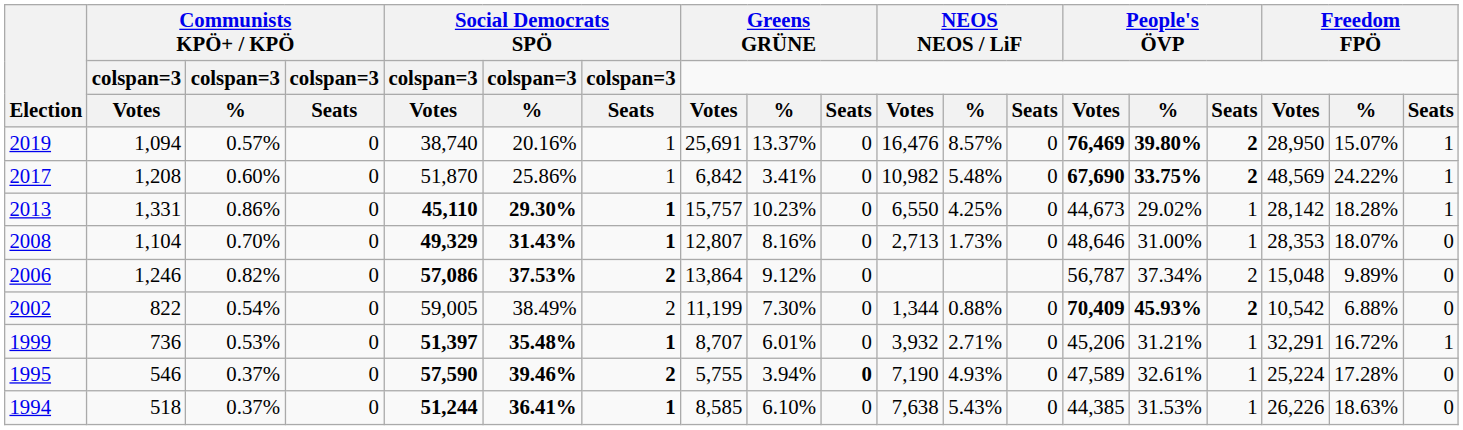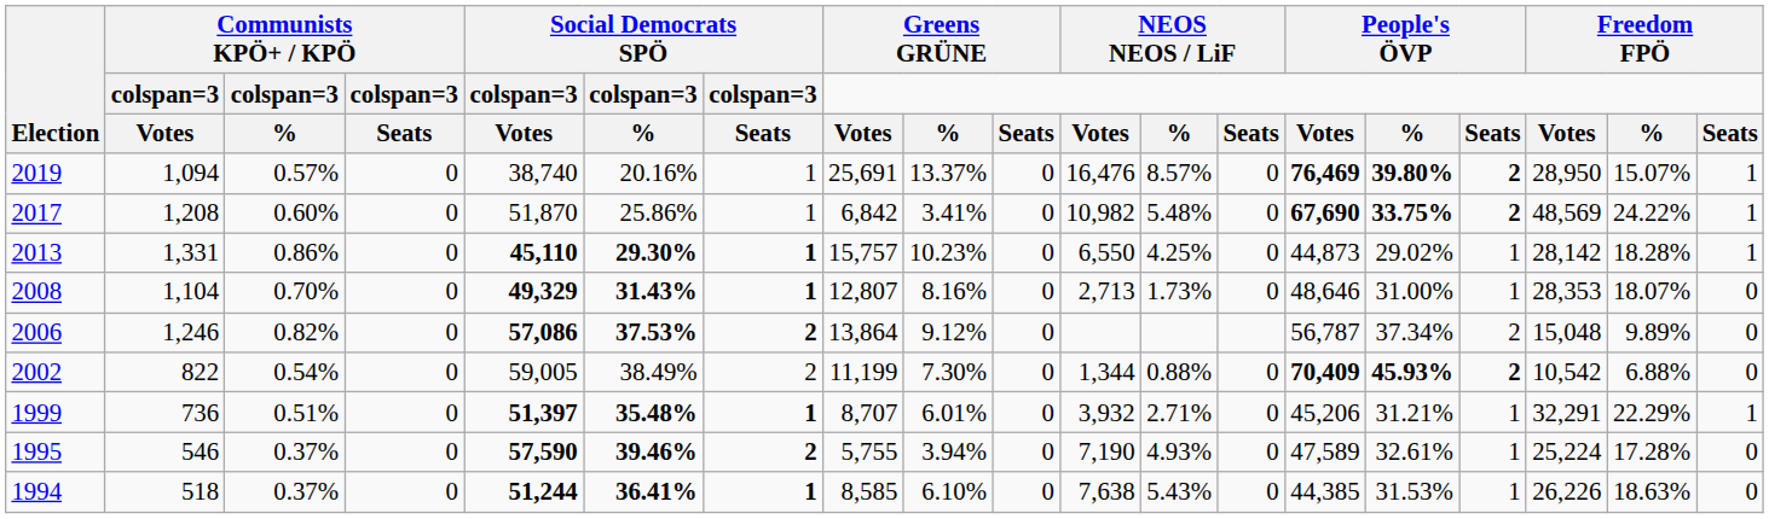 <table class="wikitable" border="1" style="font-size:100%; text-align:right;">
 <tr>
 <th style="text-align:left;" valign=bottom rowspan=3>Election</th>
 <th valign=bottom colspan=3><a href='#'>Communists</a><br>KPÖ+ / KPÖ</th>
 <th valign=bottom colspan=3><a href='#'>Social Democrats</a><br>SPÖ</th>
 <th valign=bottom colspan=3><a href='#'>Greens</a><br>GRÜNE</th>
 <th valign=bottom colspan=3><a href='#'>NEOS</a><br>NEOS / LiF</th>
 <th valign=bottom colspan=3><a href='#'>People's</a><br>ÖVP</th>
 <th valign=bottom colspan=3><a href='#'>Freedom</a><br>FPÖ</th>
 </tr>
 <tr>
 <th>colspan=3 </th>
 <th>colspan=3 </th>
 <th>colspan=3 </th>
 <th>colspan=3 </th>
 <th>colspan=3 </th>
 <th>colspan=3 </th>
 </tr>
 <tr>
 <th>Votes</th>
 <th>%</th>
 <th>Seats</th>
 <th>Votes</th>
 <th>%</th>
 <th>Seats</th>
 <th>Votes</th>
 <th>%</th>
 <th>Seats</th>
 <th>Votes</th>
 <th>%</th>
 <th>Seats</th>
 <th>Votes</th>
 <th>%</th>
 <th>Seats</th>
 <th>Votes</th>
 <th>%</th>
 <th>Seats</th>
 </tr>
 <tr>
 <td align=left><a href='#'>2019</a></td>
 <td>1,094</td>
 <td>0.57%</td>
 <td>0</td>
 <td>38,740</td>
 <td>20.16%</td>
 <td>1</td>
 <td>25,691</td>
 <td>13.37%</td>
 <td>0</td>
 <td>16,476</td>
 <td>8.57%</td>
 <td>0</td>
 <td><strong>76,469</strong></td>
 <td><strong>39.80%</strong></td>
 <td><strong>2</strong></td>
 <td>28,950</td>
 <td>15.07%</td>
 <td>1</td>
 </tr>
 <tr>
 <td align=left><a href='#'>2017</a></td>
 <td>1,208</td>
 <td>0.60%</td>
 <td>0</td>
 <td>51,870</td>
 <td>25.86%</td>
 <td>1</td>
 <td>6,842</td>
 <td>3.41%</td>
 <td>0</td>
 <td>10,982</td>
 <td>5.48%</td>
 <td>0</td>
 <td><strong>67,690</strong></td>
 <td><strong>33.75%</strong></td>
 <td><strong>2</strong></td>
 <td>48,569</td>
 <td>24.22%</td>
 <td>1</td>
 </tr>
 <tr>
 <td align=left><a href='#'>2013</a></td>
 <td>1,331</td>
 <td>0.86%</td>
 <td>0</td>
 <td><strong>45,110</strong></td>
 <td><strong>29.30%</strong></td>
 <td><strong>1</strong></td>
 <td>15,757</td>
 <td>10.23%</td>
 <td>0</td>
 <td>6,550</td>
 <td>4.25%</td>
 <td>0</td>
-<td>44,673</td>
+<td>44,873</td>
 <td>29.02%</td>
 <td>1</td>
 <td>28,142</td>
 <td>18.28%</td>
 <td>1</td>
 </tr>
 <tr>
 <td align=left><a href='#'>2008</a></td>
 <td>1,104</td>
 <td>0.70%</td>
 <td>0</td>
 <td><strong>49,329</strong></td>
 <td><strong>31.43%</strong></td>
 <td><strong>1</strong></td>
 <td>12,807</td>
 <td>8.16%</td>
 <td>0</td>
 <td>2,713</td>
 <td>1.73%</td>
 <td>0</td>
 <td>48,646</td>
 <td>31.00%</td>
 <td>1</td>
 <td>28,353</td>
 <td>18.07%</td>
 <td>0</td>
 </tr>
 <tr>
 <td align=left><a href='#'>2006</a></td>
 <td>1,246</td>
 <td>0.82%</td>
 <td>0</td>
 <td><strong>57,086</strong></td>
 <td><strong>37.53%</strong></td>
 <td><strong>2</strong></td>
 <td>13,864</td>
 <td>9.12%</td>
 <td>0</td>
 <td></td>
 <td></td>
 <td></td>
 <td>56,787</td>
 <td>37.34%</td>
 <td>2</td>
 <td>15,048</td>
 <td>9.89%</td>
 <td>0</td>
 </tr>
 <tr>
 <td align=left><a href='#'>2002</a></td>
 <td>822</td>
 <td>0.54%</td>
 <td>0</td>
 <td>59,005</td>
 <td>38.49%</td>
 <td>2</td>
 <td>11,199</td>
 <td>7.30%</td>
 <td>0</td>
 <td>1,344</td>
 <td>0.88%</td>
 <td>0</td>
 <td><strong>70,409</strong></td>
 <td><strong>45.93%</strong></td>
 <td><strong>2</strong></td>
 <td>10,542</td>
 <td>6.88%</td>
 <td>0</td>
 </tr>
 <tr>
 <td align=left><a href='#'>1999</a></td>
 <td>736</td>
-<td>0.53%</td>
+<td>0.51%</td>
 <td>0</td>
 <td><strong>51,397</strong></td>
 <td><strong>35.48%</strong></td>
 <td><strong>1</strong></td>
 <td>8,707</td>
 <td>6.01%</td>
 <td>0</td>
 <td>3,932</td>
 <td>2.71%</td>
 <td>0</td>
 <td>45,206</td>
 <td>31.21%</td>
 <td>1</td>
 <td>32,291</td>
-<td>16.72%</td>
+<td>22.29%</td>
 <td>1</td>
 </tr>
 <tr>
 <td align=left><a href='#'>1995</a></td>
 <td>546</td>
 <td>0.37%</td>
 <td>0</td>
 <td><strong>57,590</strong></td>
 <td><strong>39.46%</strong></td>
 <td><strong>2</strong></td>
 <td>5,755</td>
 <td>3.94%</td>
-<td><strong>0</strong></td>
+<td>0</td>
 <td>7,190</td>
 <td>4.93%</td>
 <td>0</td>
 <td>47,589</td>
 <td>32.61%</td>
 <td>1</td>
 <td>25,224</td>
 <td>17.28%</td>
 <td>0</td>
 </tr>
 <tr>
 <td align=left><a href='#'>1994</a></td>
 <td>518</td>
 <td>0.37%</td>
 <td>0</td>
 <td><strong>51,244</strong></td>
 <td><strong>36.41%</strong></td>
 <td><strong>1</strong></td>
 <td>8,585</td>
 <td>6.10%</td>
 <td>0</td>
 <td>7,638</td>
 <td>5.43%</td>
 <td>0</td>
 <td>44,385</td>
 <td>31.53%</td>
 <td>1</td>
 <td>26,226</td>
 <td>18.63%</td>
 <td>0</td>
 </tr>
 </table>
